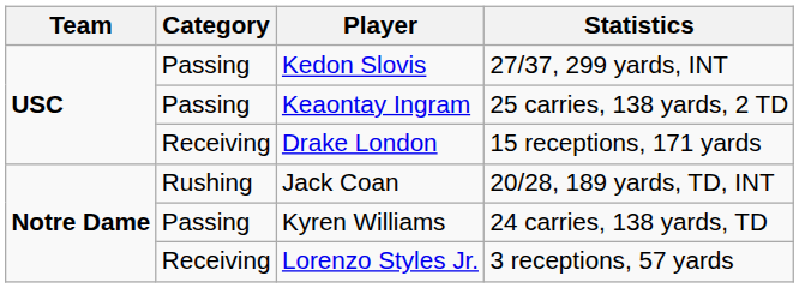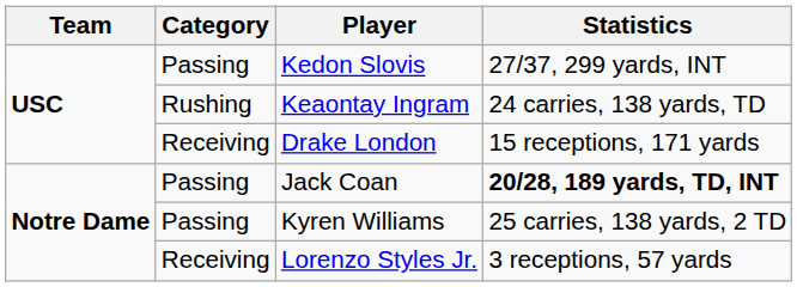 <table class="wikitable" style="float: left;">
 <tr>
 <th>Team</th>
 <th>Category</th>
 <th>Player</th>
 <th>Statistics</th>
 </tr>
 <tr>
 <td rowspan=3><strong>USC</strong></td>
 <td>Passing</td>
 <td><a href='#'>Kedon Slovis</a></td>
 <td>27/37, 299 yards, INT</td>
 </tr>
 <tr>
-<td>Passing</td>
+<td>Rushing</td>
 <td><a href='#'>Keaontay Ingram</a></td>
-<td>25 carries, 138 yards, 2 TD</td>
+<td>24 carries, 138 yards, TD</td>
 </tr>
 <tr>
 <td>Receiving</td>
 <td><a href='#'>Drake London</a></td>
 <td>15 receptions, 171 yards</td>
 </tr>
 <tr>
 <td rowspan=3><strong>Notre Dame</strong></td>
-<td>Rushing</td>
+<td>Passing</td>
 <td>Jack Coan</td>
-<td>20/28, 189 yards, TD, INT</td>
+<td><strong>20/28, 189 yards, TD, INT</strong></td>
 </tr>
 <tr>
 <td>Passing</td>
 <td>Kyren Williams</td>
-<td>24 carries, 138 yards, TD</td>
+<td>25 carries, 138 yards, 2 TD</td>
 </tr>
 <tr>
 <td>Receiving</td>
 <td><a href='#'>Lorenzo Styles Jr.</a></td>
 <td>3 receptions, 57 yards</td>
 </tr>
 </table>
